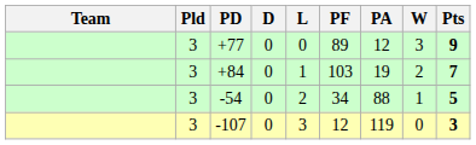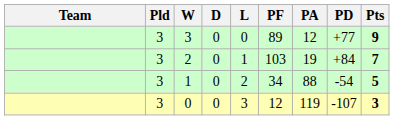 <table class="wikitable" style="text-align:center;">
 <tr>
 <th width=155>Team</th>
 <th width=25 abbr="Played">Pld</th>
-<th width=32 abbr="Points difference">PD</th>
+<th width=25 abbr="Won">W</th>
 <th width=25 abbr="Drawn">D</th>
 <th width=25 abbr="Lost">L</th>
 <th width=32 abbr="Points for">PF</th>
 <th width=32 abbr="Points against">PA</th>
-<th width=25 abbr="Won">W</th>
+<th width=32 abbr="Points difference">PD</th>
 <th width=25 abbr="Points">Pts</th>
 </tr>
 <tr style="background:#ccffcc">
 <td align=left></td>
 <td>3</td>
-<td>+77</td>
+<td>3</td>
 <td>0</td>
 <td>0</td>
 <td>89</td>
 <td>12</td>
-<td>3</td>
+<td>+77</td>
 <td><strong>9</strong></td>
 </tr>
 <tr style="background:#ccffcc">
 <td align=left></td>
 <td>3</td>
-<td>+84</td>
+<td>2</td>
 <td>0</td>
 <td>1</td>
 <td>103</td>
 <td>19</td>
-<td>2</td>
+<td>+84</td>
 <td><strong>7</strong></td>
 </tr>
 <tr style="background:#ccffcc">
 <td align=left></td>
 <td>3</td>
-<td>-54</td>
+<td>1</td>
 <td>0</td>
 <td>2</td>
 <td>34</td>
 <td>88</td>
-<td>1</td>
+<td>-54</td>
 <td><strong>5</strong></td>
 </tr>
 <tr style="background:#feffb4">
 <td align=left></td>
 <td>3</td>
-<td>-107</td>
+<td>0</td>
 <td>0</td>
 <td>3</td>
 <td>12</td>
 <td>119</td>
-<td>0</td>
+<td>-107</td>
 <td><strong>3</strong></td>
 </tr>
 </table>
